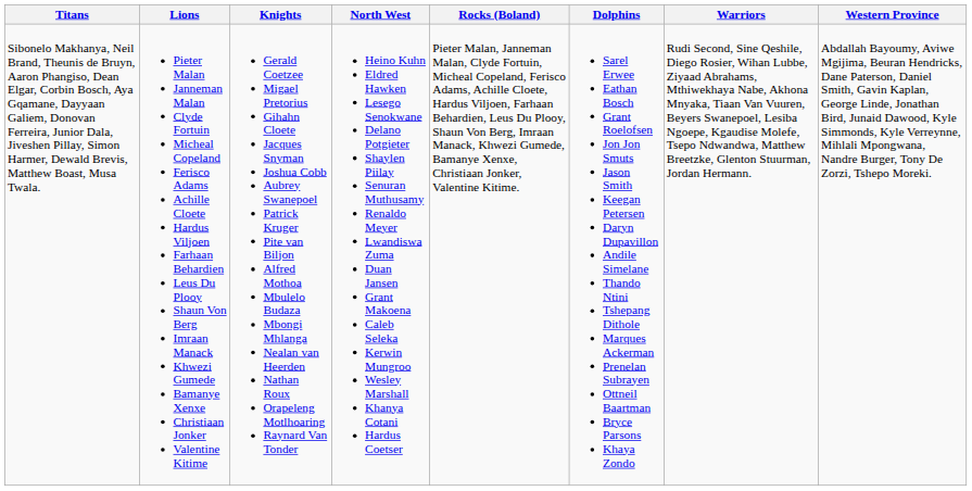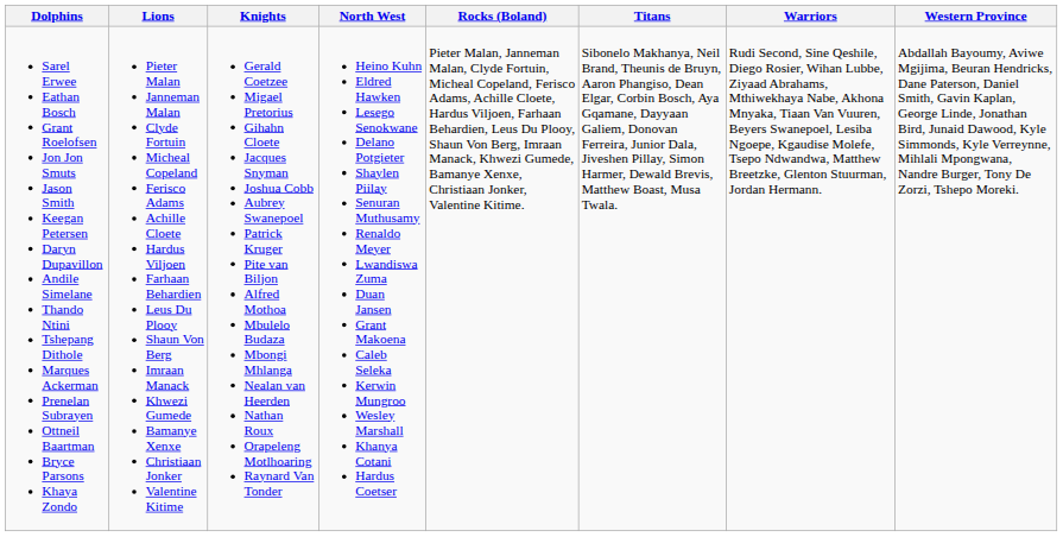 <table class="wikitable" Style="font-size:100%;">
 <tr>
-<th><a href='#'>Titans</a></th>
+<th><a href='#'>Dolphins</a></th>
 <th><a href='#'>Lions</a></th>
 <th><a href='#'>Knights</a></th>
 <th><a href='#'>North West</a></th>
 <th><a href='#'>Rocks (Boland)</a></th>
-<th><a href='#'>Dolphins</a></th>
+<th><a href='#'>Titans</a></th>
 <th><a href='#'>Warriors</a></th>
 <th><a href='#'>Western Province</a></th>
 </tr>
 <tr style="vertical-align:top">
-<td><br>Sibonelo Makhanya, Neil Brand, Theunis de Bruyn, Aaron Phangiso, Dean Elgar, Corbin Bosch, Aya Gqamane, Dayyaan Galiem, Donovan Ferreira, Junior Dala, Jiveshen Pillay, Simon Harmer, Dewald Brevis, Matthew Boast, Musa Twala.</td>
+<td><br><ul><li><a href='#'>Sarel Erwee</a></li><li><a href='#'>Eathan Bosch</a></li><li><a href='#'>Grant Roelofsen</a></li><li><a href='#'>Jon Jon Smuts</a></li><li><a href='#'>Jason Smith</a></li><li><a href='#'>Keegan Petersen</a></li><li><a href='#'>Daryn Dupavillon</a></li><li><a href='#'>Andile Simelane</a></li><li><a href='#'>Thando Ntini</a></li><li><a href='#'>Tshepang Dithole</a></li><li><a href='#'>Marques Ackerman</a></li><li><a href='#'>Prenelan Subrayen</a></li><li><a href='#'>Ottneil Baartman</a></li><li><a href='#'>Bryce Parsons</a></li><li><a href='#'>Khaya Zondo</a></li></ul></td>
 <td><br><ul><li><a href='#'>Pieter Malan</a></li><li><a href='#'>Janneman Malan</a></li><li><a href='#'>Clyde Fortuin</a></li><li><a href='#'>Micheal Copeland</a></li><li><a href='#'>Ferisco Adams</a></li><li><a href='#'>Achille Cloete</a></li><li><a href='#'>Hardus Viljoen</a></li><li><a href='#'>Farhaan Behardien</a></li><li><a href='#'>Leus Du Plooy</a></li><li><a href='#'>Shaun Von Berg</a></li><li><a href='#'>Imraan Manack</a></li><li><a href='#'>Khwezi Gumede</a></li><li><a href='#'>Bamanye Xenxe</a></li><li><a href='#'>Christiaan Jonker</a></li><li><a href='#'>Valentine Kitime</a></li></ul></td>
 <td><br><ul><li><a href='#'>Gerald Coetzee</a></li><li><a href='#'>Migael Pretorius</a></li><li><a href='#'>Gihahn Cloete</a></li><li><a href='#'>Jacques Snyman</a></li><li><a href='#'>Joshua Cobb</a></li><li><a href='#'>Aubrey Swanepoel</a></li><li><a href='#'>Patrick Kruger</a></li><li><a href='#'>Pite van Biljon</a></li><li><a href='#'>Alfred Mothoa</a></li><li><a href='#'>Mbulelo Budaza</a></li><li><a href='#'>Mbongi Mhlanga</a></li><li><a href='#'>Nealan van Heerden</a></li><li><a href='#'>Nathan Roux</a></li><li><a href='#'>Orapeleng Motlhoaring</a></li><li><a href='#'>Raynard Van Tonder</a></li></ul></td>
 <td><br><ul><li><a href='#'>Heino Kuhn</a></li><li><a href='#'>Eldred Hawken</a></li><li><a href='#'>Lesego Senokwane</a></li><li><a href='#'>Delano Potgieter</a></li><li><a href='#'>Shaylen Piilay</a></li><li><a href='#'>Senuran Muthusamy</a></li><li><a href='#'>Renaldo Meyer</a></li><li><a href='#'>Lwandiswa Zuma</a></li><li><a href='#'>Duan Jansen</a></li><li><a href='#'>Grant Makoena</a></li><li><a href='#'>Caleb Seleka</a></li><li><a href='#'>Kerwin Mungroo</a></li><li><a href='#'>Wesley Marshall</a></li><li><a href='#'>Khanya Cotani</a></li><li><a href='#'>Hardus Coetser</a></li></ul></td>
 <td><br>Pieter Malan, Janneman Malan, Clyde Fortuin, Micheal Copeland, Ferisco Adams, Achille Cloete, Hardus Viljoen, Farhaan Behardien, Leus Du Plooy, Shaun Von Berg, Imraan Manack, Khwezi Gumede, Bamanye Xenxe, Christiaan Jonker, Valentine Kitime.</td>
-<td><br><ul><li><a href='#'>Sarel Erwee</a></li><li><a href='#'>Eathan Bosch</a></li><li><a href='#'>Grant Roelofsen</a></li><li><a href='#'>Jon Jon Smuts</a></li><li><a href='#'>Jason Smith</a></li><li><a href='#'>Keegan Petersen</a></li><li><a href='#'>Daryn Dupavillon</a></li><li><a href='#'>Andile Simelane</a></li><li><a href='#'>Thando Ntini</a></li><li><a href='#'>Tshepang Dithole</a></li><li><a href='#'>Marques Ackerman</a></li><li><a href='#'>Prenelan Subrayen</a></li><li><a href='#'>Ottneil Baartman</a></li><li><a href='#'>Bryce Parsons</a></li><li><a href='#'>Khaya Zondo</a></li></ul></td>
+<td><br>Sibonelo Makhanya, Neil Brand, Theunis de Bruyn, Aaron Phangiso, Dean Elgar, Corbin Bosch, Aya Gqamane, Dayyaan Galiem, Donovan Ferreira, Junior Dala, Jiveshen Pillay, Simon Harmer, Dewald Brevis, Matthew Boast, Musa Twala.</td>
 <td><br>Rudi Second, Sine Qeshile, Diego Rosier, Wihan Lubbe, Ziyaad Abrahams, Mthiwekhaya Nabe, Akhona Mnyaka, Tiaan Van Vuuren, Beyers Swanepoel, Lesiba Ngoepe, Kgaudise Molefe, Tsepo Ndwandwa, Matthew Breetzke, Glenton Stuurman, Jordan Hermann.</td>
 <td><br>Abdallah Bayoumy, Aviwe Mgijima, Beuran Hendricks, Dane Paterson, Daniel Smith, Gavin Kaplan, George Linde, Jonathan Bird, Junaid Dawood, Kyle Simmonds, Kyle Verreynne, Mihlali Mpongwana, Nandre Burger, Tony De Zorzi, Tshepo Moreki.</td>
 </tr>
 </table>
